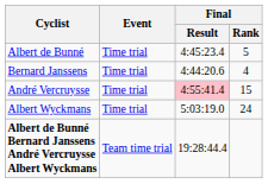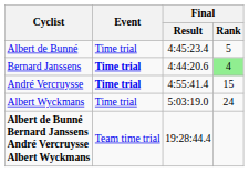 <table class=wikitable style="font-size:90%">
 <tr>
 <th rowspan=2>Cyclist</th>
 <th rowspan=2>Event</th>
 <th colspan=2>Final</th>
 </tr>
 <tr>
 <th>Result</th>
 <th>Rank</th>
 </tr>
 <tr>
 <td><a href='#'>Albert de Bunné</a></td>
 <td><a href='#'>Time trial</a></td>
 <td align=center>4:45:23.4</td>
 <td align=center>5</td>
 </tr>
 <tr>
 <td><a href='#'>Bernard Janssens</a></td>
-<td><a href='#'>Time trial</a></td>
+<td><strong><a href='#'>Time trial</a></strong></td>
 <td align=center>4:44:20.6</td>
-<td align=center>4</td>
+<td align=center style="background: lightgreen;">4</td>
 </tr>
 <tr>
 <td><a href='#'>André Vercruysse</a></td>
-<td><a href='#'>Time trial</a></td>
-<td align=center style="background: pink;">4:55:41.4</td>
+<td><strong><a href='#'>Time trial</a></strong></td>
+<td align=center>4:55:41.4</td>
 <td align=center>15</td>
 </tr>
 <tr>
 <td><a href='#'>Albert Wyckmans</a></td>
 <td><a href='#'>Time trial</a></td>
 <td align=center>5:03:19.0</td>
 <td align=center>24</td>
 </tr>
 <tr>
 <td><strong>Albert de Bunné <br> Bernard Janssens <br> André Vercruysse <br> Albert Wyckmans</strong></td>
 <td><a href='#'>Team time trial</a></td>
 <td align=center>19:28:44.4</td>
 <td align=center></td>
 </tr>
 </table>
